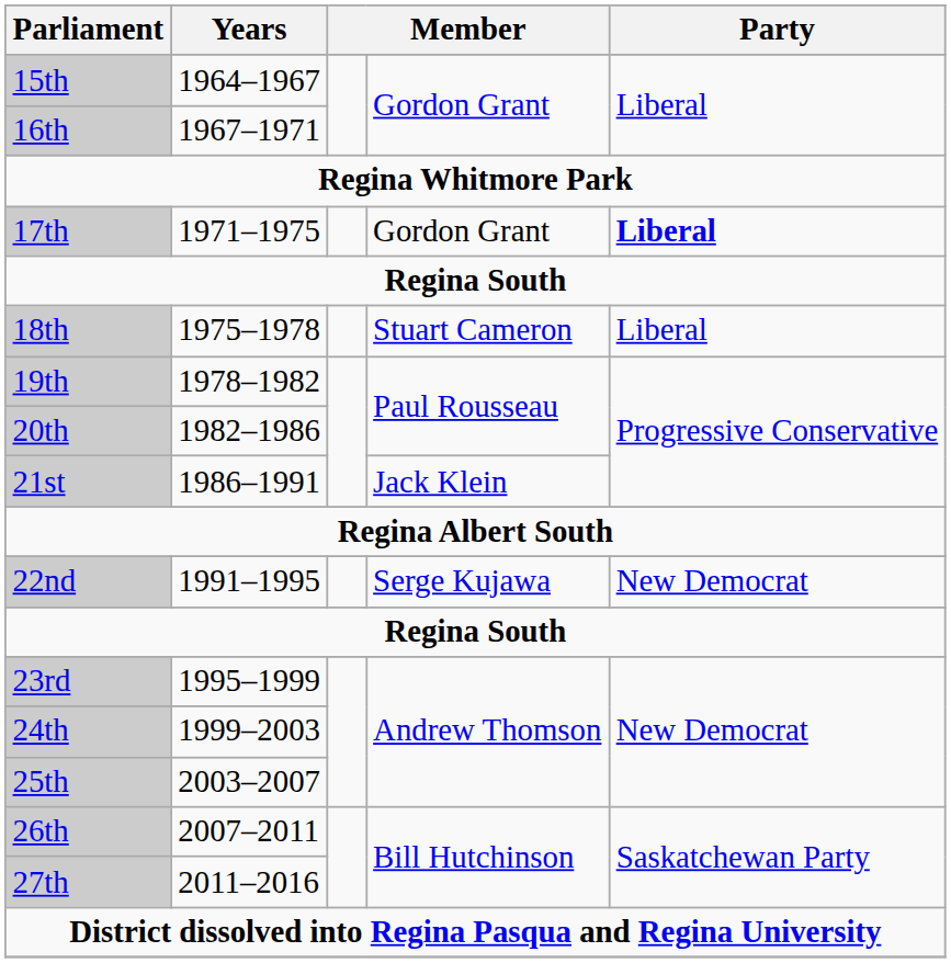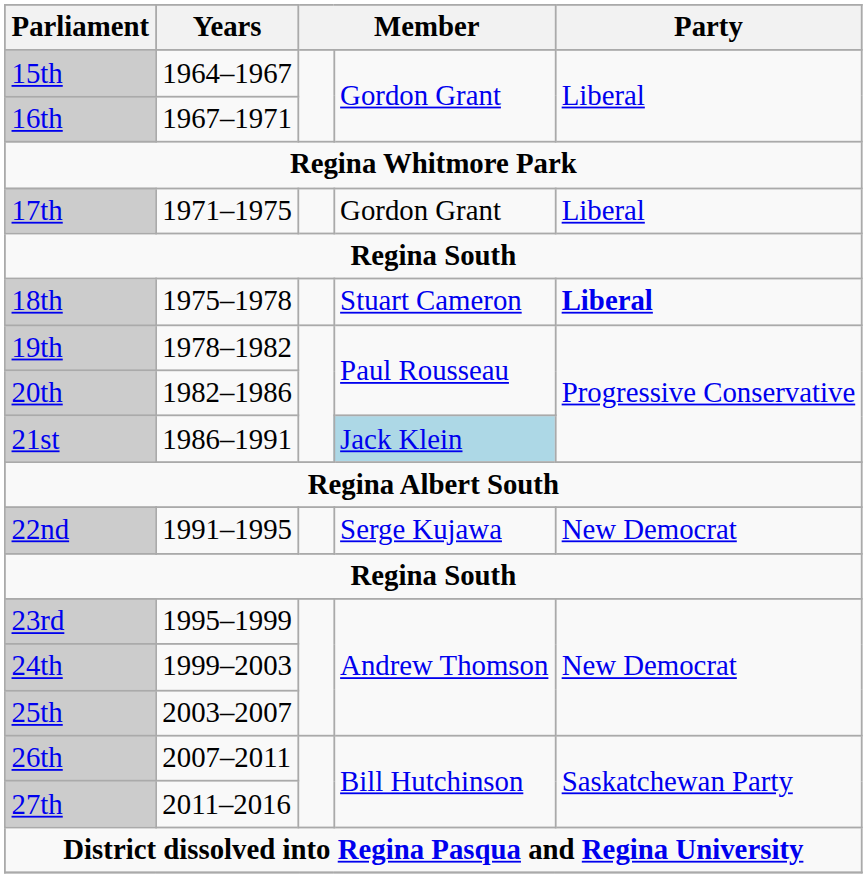 <table class="wikitable">
 <tr>
 <th>Parliament</th>
 <th>Years</th>
 <th colspan="2">Member</th>
 <th>Party</th>
 </tr>
 <tr>
 <td bgcolor="CCCCCC"><a href='#'>15th</a></td>
 <td>1964–1967</td>
 <td rowspan="2" >   </td>
 <td rowspan="2"><a href='#'>Gordon Grant</a></td>
 <td rowspan="2"><a href='#'>Liberal</a></td>
 </tr>
 <tr>
 <td bgcolor="CCCCCC"><a href='#'>16th</a></td>
 <td>1967–1971</td>
 </tr>
 <tr>
 <td colspan="5" align="center"><strong>Regina Whitmore Park</strong></td>
 </tr>
 <tr>
 <td bgcolor="CCCCCC"><a href='#'>17th</a></td>
 <td>1971–1975</td>
 <td>   </td>
 <td>Gordon Grant</td>
-<td><strong><a href='#'>Liberal</a></strong></td>
+<td><a href='#'>Liberal</a></td>
 </tr>
 <tr>
 <td colspan="5" align="center"><strong>Regina South</strong></td>
 </tr>
 <tr>
 <td bgcolor="CCCCCC"><a href='#'>18th</a></td>
 <td>1975–1978</td>
 <td>   </td>
 <td><a href='#'>Stuart Cameron</a></td>
-<td><a href='#'>Liberal</a></td>
+<td><strong><a href='#'>Liberal</a></strong></td>
 </tr>
 <tr>
 <td bgcolor="CCCCCC"><a href='#'>19th</a></td>
 <td>1978–1982</td>
 <td rowspan="3" >   </td>
 <td rowspan="2"><a href='#'>Paul Rousseau</a></td>
 <td rowspan="3"><a href='#'>Progressive Conservative</a></td>
 </tr>
 <tr>
 <td bgcolor="CCCCCC"><a href='#'>20th</a></td>
 <td>1982–1986</td>
 </tr>
 <tr>
 <td bgcolor="CCCCCC"><a href='#'>21st</a></td>
 <td>1986–1991</td>
-<td><a href='#'>Jack Klein</a></td>
+<td style="background: lightblue;"><a href='#'>Jack Klein</a></td>
 </tr>
 <tr>
 <td colspan="5" align="center"><strong>Regina Albert South</strong></td>
 </tr>
 <tr>
 <td bgcolor="CCCCCC"><a href='#'>22nd</a></td>
 <td>1991–1995</td>
 <td>   </td>
 <td><a href='#'>Serge Kujawa</a></td>
 <td><a href='#'>New Democrat</a></td>
 </tr>
 <tr>
 <td colspan="5" align="center"><strong>Regina South</strong></td>
 </tr>
 <tr>
 <td bgcolor="CCCCCC"><a href='#'>23rd</a></td>
 <td>1995–1999</td>
 <td rowspan="3" >   </td>
 <td rowspan="3"><a href='#'>Andrew Thomson</a></td>
 <td rowspan="3"><a href='#'>New Democrat</a></td>
 </tr>
 <tr>
 <td bgcolor="CCCCCC"><a href='#'>24th</a></td>
 <td>1999–2003</td>
 </tr>
 <tr>
 <td bgcolor="CCCCCC"><a href='#'>25th</a></td>
 <td>2003–2007</td>
 </tr>
 <tr>
 <td bgcolor="CCCCCC"><a href='#'>26th</a></td>
 <td>2007–2011</td>
 <td rowspan="2" >   </td>
 <td rowspan="2"><a href='#'>Bill Hutchinson</a></td>
 <td rowspan="2"><a href='#'>Saskatchewan Party</a></td>
 </tr>
 <tr>
 <td bgcolor="CCCCCC"><a href='#'>27th</a></td>
 <td>2011–2016</td>
 </tr>
 <tr>
 <td colspan="5" align="center"><strong>District dissolved into <a href='#'>Regina Pasqua</a> and <a href='#'>Regina University</a></strong></td>
 </tr>
 <tr>
 </tr>
 </table>
